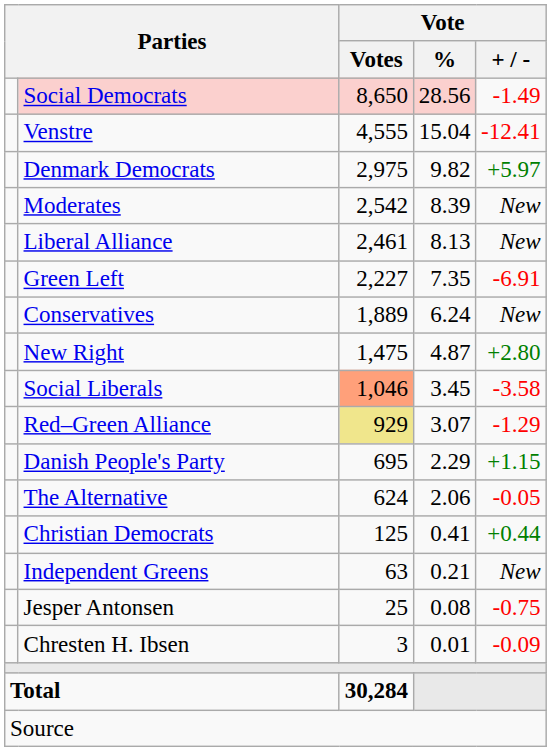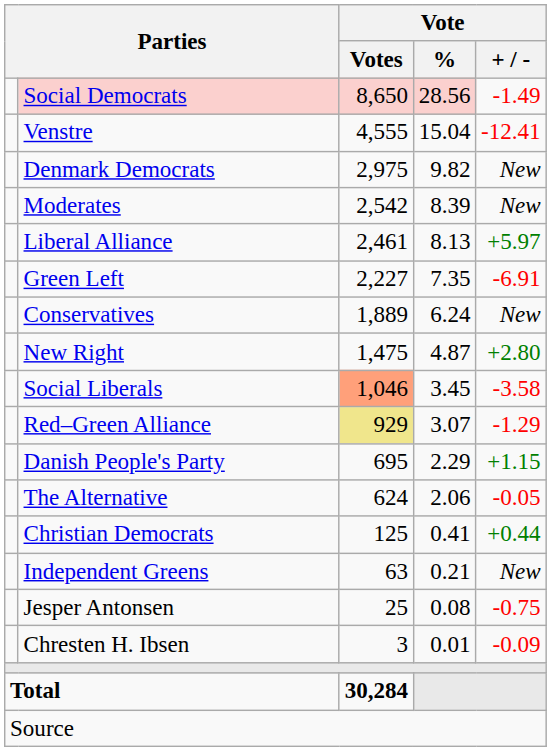 <table class="wikitable" style="text-align:right;">
 <tr>
 <th style="text-align:centre;" rowspan="2" colspan="2" width="225">Parties</th>
 <th colspan="3">Vote</th>
 </tr>
 <tr>
 <th width="15">Votes</th>
 <th width="15">%</th>
 <th width="15">+ / -</th>
 </tr>
 <tr>
 <td width="2" style="color:inherit;background:"></td>
 <td bgcolor=#fbd0ce  align="left"><a href='#'>Social Democrats</a></td>
 <td bgcolor=#fbd0ce>8,650</td>
 <td bgcolor=#fbd0ce>28.56</td>
 <td style=color:red;>-1.49</td>
 </tr>
 <tr>
 <td width="2" style="color:inherit;background:"></td>
 <td align="left"><a href='#'>Venstre</a></td>
 <td>4,555</td>
 <td>15.04</td>
 <td style=color:red;>-12.41</td>
 </tr>
 <tr>
 <td width="2" style="color:inherit;background:"></td>
 <td align="left"><a href='#'>Denmark Democrats</a></td>
 <td>2,975</td>
 <td>9.82</td>
-<td style=color:green;>+5.97</td>
+<td><em>New</em></td>
 </tr>
 <tr>
 <td width="2" style="color:inherit;background:"></td>
 <td align="left"><a href='#'>Moderates</a></td>
 <td>2,542</td>
 <td>8.39</td>
 <td><em>New</em></td>
 </tr>
 <tr>
 <td width="2" style="color:inherit;background:"></td>
 <td align="left"><a href='#'>Liberal Alliance</a></td>
 <td>2,461</td>
 <td>8.13</td>
-<td><em>New</em></td>
+<td style=color:green;>+5.97</td>
 </tr>
 <tr>
 <td width="2" style="color:inherit;background:"></td>
 <td align="left"><a href='#'>Green Left</a></td>
 <td>2,227</td>
 <td>7.35</td>
 <td style=color:red;>-6.91</td>
 </tr>
 <tr>
 <td width="2" style="color:inherit;background:"></td>
 <td align="left"><a href='#'>Conservatives</a></td>
 <td>1,889</td>
 <td>6.24</td>
 <td><em>New</em></td>
 </tr>
 <tr>
 <td width="2" style="color:inherit;background:"></td>
 <td align="left"><a href='#'>New Right</a></td>
 <td>1,475</td>
 <td>4.87</td>
 <td style=color:green;>+2.80</td>
 </tr>
 <tr>
 <td width="2" style="color:inherit;background:"></td>
 <td align="left"><a href='#'>Social Liberals</a></td>
 <td style="background: lightsalmon;">1,046</td>
 <td>3.45</td>
 <td style=color:red;>-3.58</td>
 </tr>
 <tr>
 <td width="2" style="color:inherit;background:"></td>
 <td align="left"><a href='#'>Red–Green Alliance</a></td>
 <td style="background: khaki;">929</td>
 <td>3.07</td>
 <td style=color:red;>-1.29</td>
 </tr>
 <tr>
 <td width="2" style="color:inherit;background:"></td>
 <td align="left"><a href='#'>Danish People's Party</a></td>
 <td>695</td>
 <td>2.29</td>
 <td style=color:green;>+1.15</td>
 </tr>
 <tr>
 <td width="2" style="color:inherit;background:"></td>
 <td align="left"><a href='#'>The Alternative</a></td>
 <td>624</td>
 <td>2.06</td>
 <td style=color:red;>-0.05</td>
 </tr>
 <tr>
 <td width="2" style="color:inherit;background:"></td>
 <td align="left"><a href='#'>Christian Democrats</a></td>
 <td>125</td>
 <td>0.41</td>
 <td style=color:green;>+0.44</td>
 </tr>
 <tr>
 <td width="2" style="color:inherit;background:"></td>
 <td align="left"><a href='#'>Independent Greens</a></td>
 <td>63</td>
 <td>0.21</td>
 <td><em>New</em></td>
 </tr>
 <tr>
 <td width="2" style="color:inherit;background:"></td>
 <td align="left">Jesper Antonsen</td>
 <td>25</td>
 <td>0.08</td>
 <td style=color:red;>-0.75</td>
 </tr>
 <tr>
 <td width="2" style="color:inherit;background:"></td>
 <td align="left">Chresten H. Ibsen</td>
 <td>3</td>
 <td>0.01</td>
 <td style=color:red;>-0.09</td>
 </tr>
 <tr>
 <td colspan="7" bgcolor="#E9E9E9"></td>
 </tr>
 <tr>
 <td align="left" colspan="2"><strong>Total</strong></td>
 <td><strong>30,284</strong></td>
 <td bgcolor="#E9E9E9" colspan="2"></td>
 </tr>
 <tr>
 <td align="left" colspan="6">Source</td>
 </tr>
 </table>
